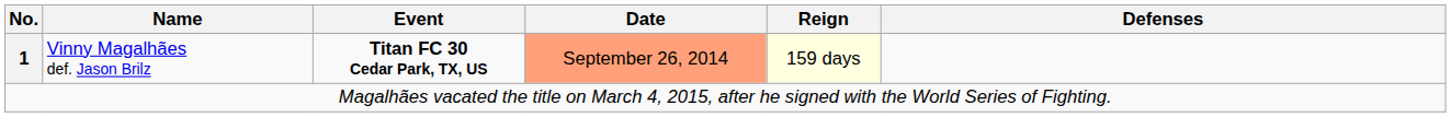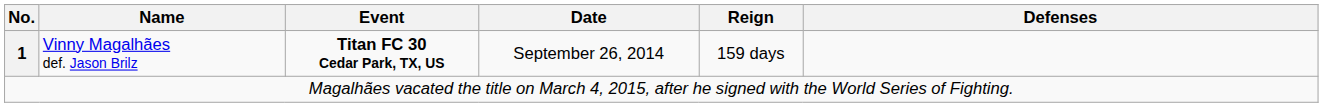 <table class="wikitable" width=100%>
 <tr>
 <th width=1%>No.</th>
 <th width=19%>Name</th>
 <th width=15%>Event</th>
 <th width=17%>Date</th>
 <th width=8%>Reign</th>
 <th width=40%>Defenses</th>
 </tr>
 <tr>
 <th>1</th>
 <td> <a href='#'>Vinny Magalhães</a><small> <br>def. <a href='#'>Jason Brilz</a></small></td>
 <td align=center><strong>Titan FC 30<br><small>Cedar Park, TX, US</small></strong></td>
-<td align=center style="background: lightsalmon;">September 26, 2014</td>
-<td align=center style="background: lightyellow;">159 days</td>
+<td align=center>September 26, 2014</td>
+<td align=center>159 days</td>
 <td></td>
 </tr>
 <tr>
 <td align="center" colspan="6"><em>Magalhães vacated the title on March 4, 2015, after he signed with the World Series of Fighting.</em></td>
 </tr>
 </table>
